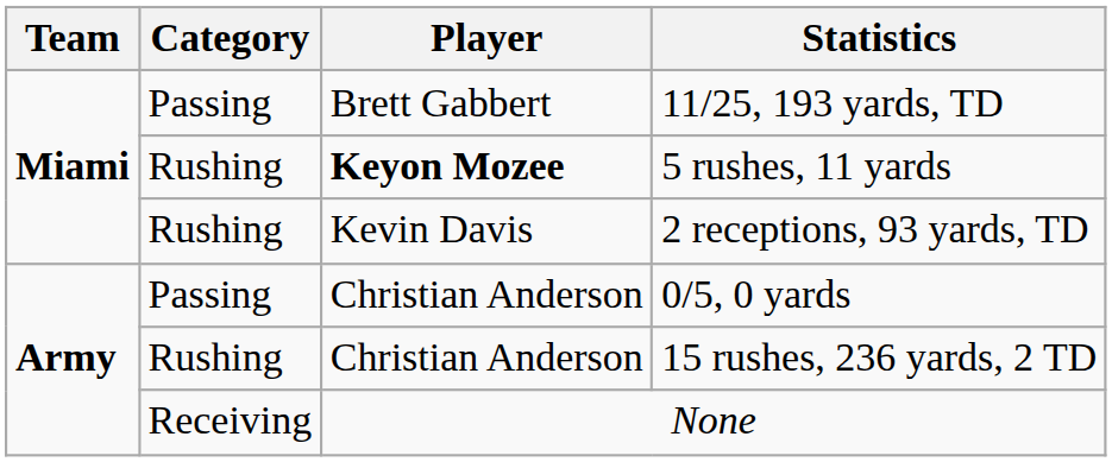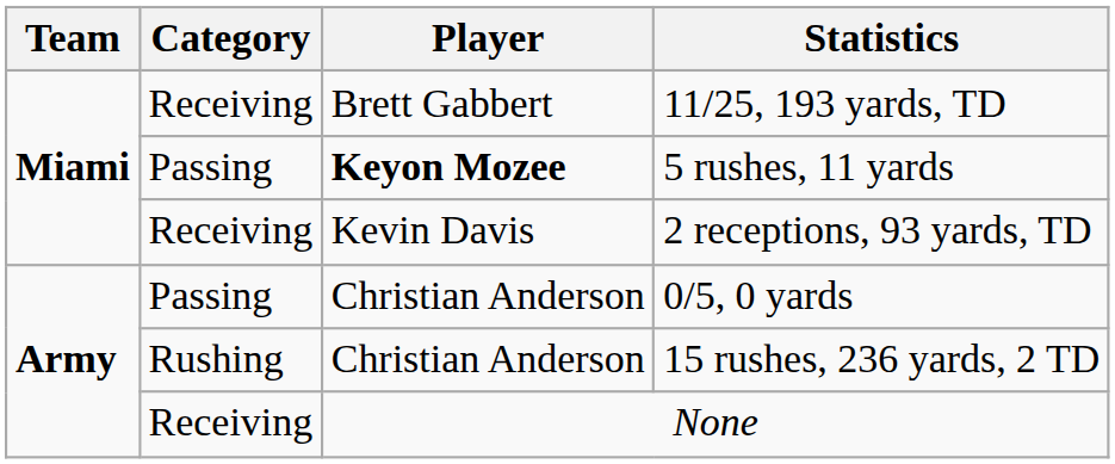 <table class="wikitable" style="float: left;">
 <tr>
 <th>Team</th>
 <th>Category</th>
 <th>Player</th>
 <th>Statistics</th>
 </tr>
 <tr>
 <td rowspan=3><strong>Miami</strong></td>
-<td>Passing</td>
+<td>Receiving</td>
 <td>Brett Gabbert</td>
 <td>11/25, 193 yards, TD</td>
 </tr>
 <tr>
-<td>Rushing</td>
+<td>Passing</td>
 <td><strong>Keyon Mozee</strong></td>
 <td>5 rushes, 11 yards</td>
 </tr>
 <tr>
-<td>Rushing</td>
+<td>Receiving</td>
 <td>Kevin Davis</td>
 <td>2 receptions, 93 yards, TD</td>
 </tr>
 <tr>
 <td rowspan=3><strong>Army</strong></td>
 <td>Passing</td>
 <td>Christian Anderson</td>
 <td>0/5, 0 yards</td>
 </tr>
 <tr>
 <td>Rushing</td>
 <td>Christian Anderson</td>
 <td>15 rushes, 236 yards, 2 TD</td>
 </tr>
 <tr>
 <td>Receiving</td>
 <td colspan="2" align="center"><em>None</em></td>
 </tr>
 </table>
